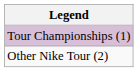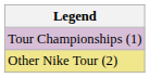 <table class="wikitable" style="font-size:95%;">
 <tr>
 <th>Legend</th>
 </tr>
 <tr style="background:thistle;">
 <td>Tour Championships (1)</td>
 </tr>
 <tr>
-<td>Other Nike Tour (2)</td>
+<td style="background: khaki;">Other Nike Tour (2)</td>
 </tr>
 </table>
